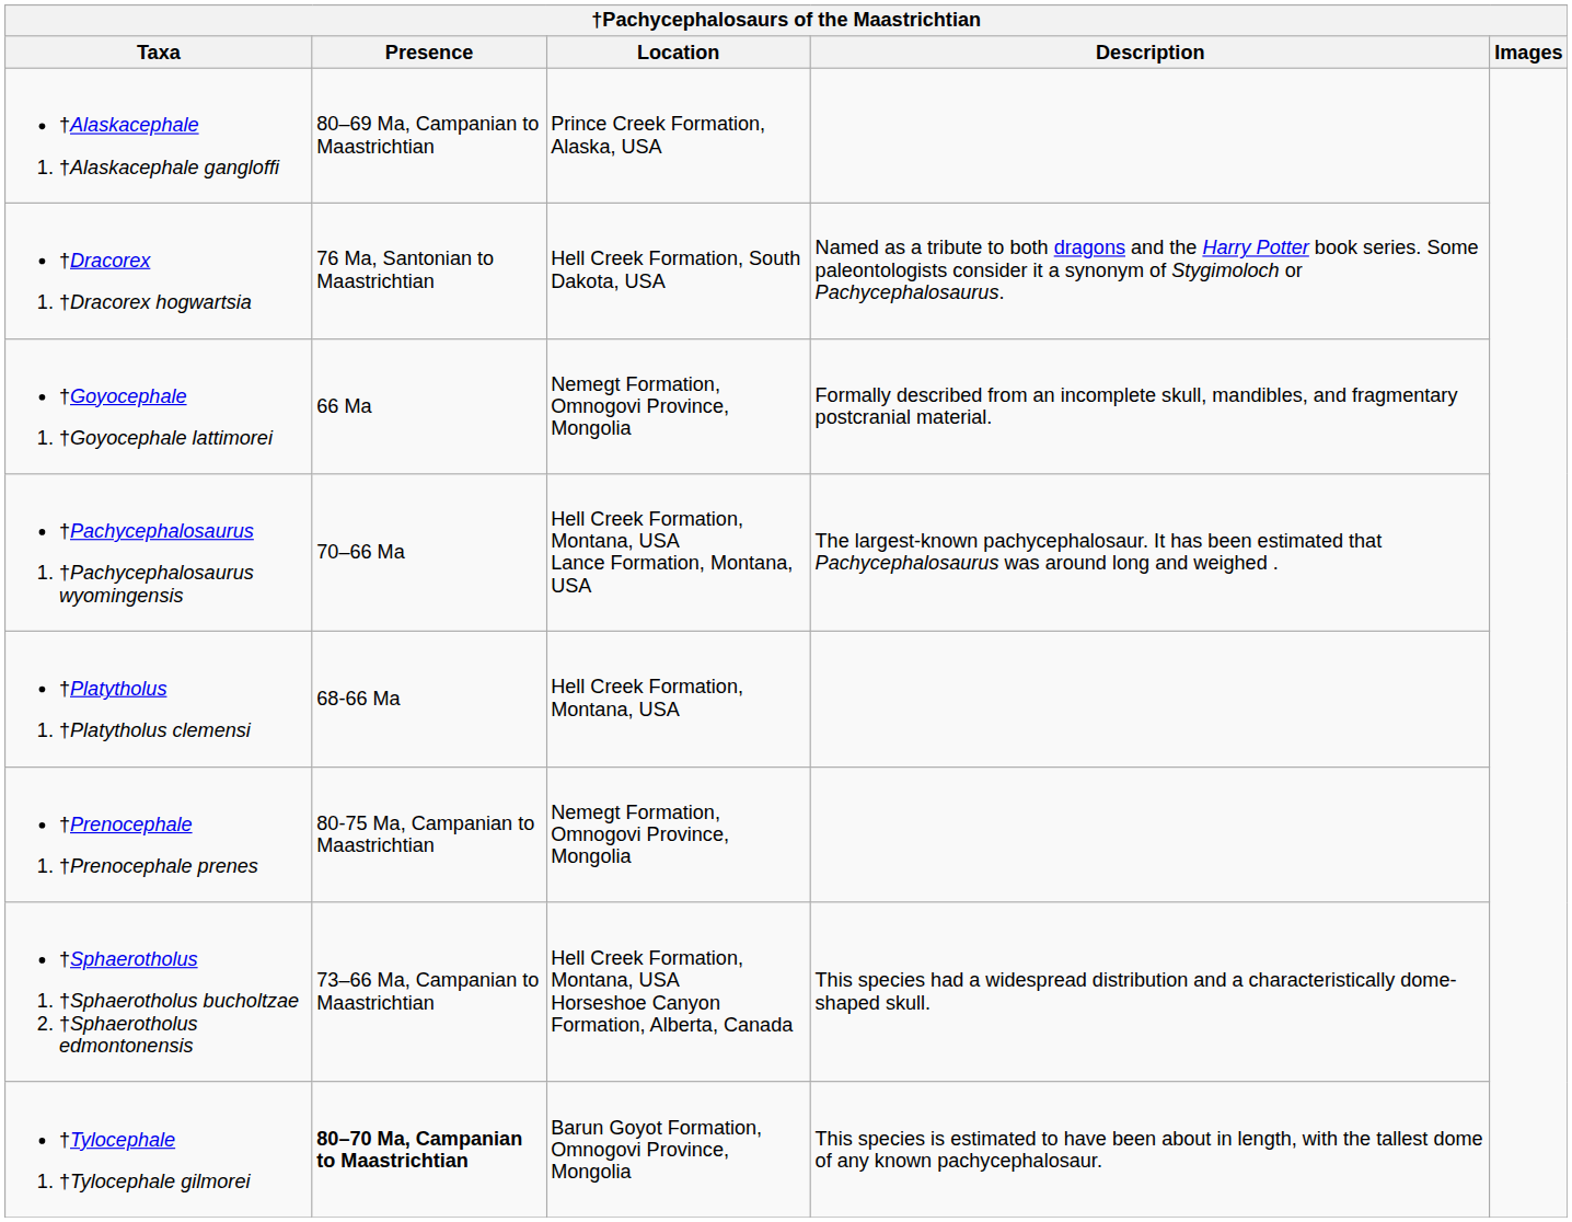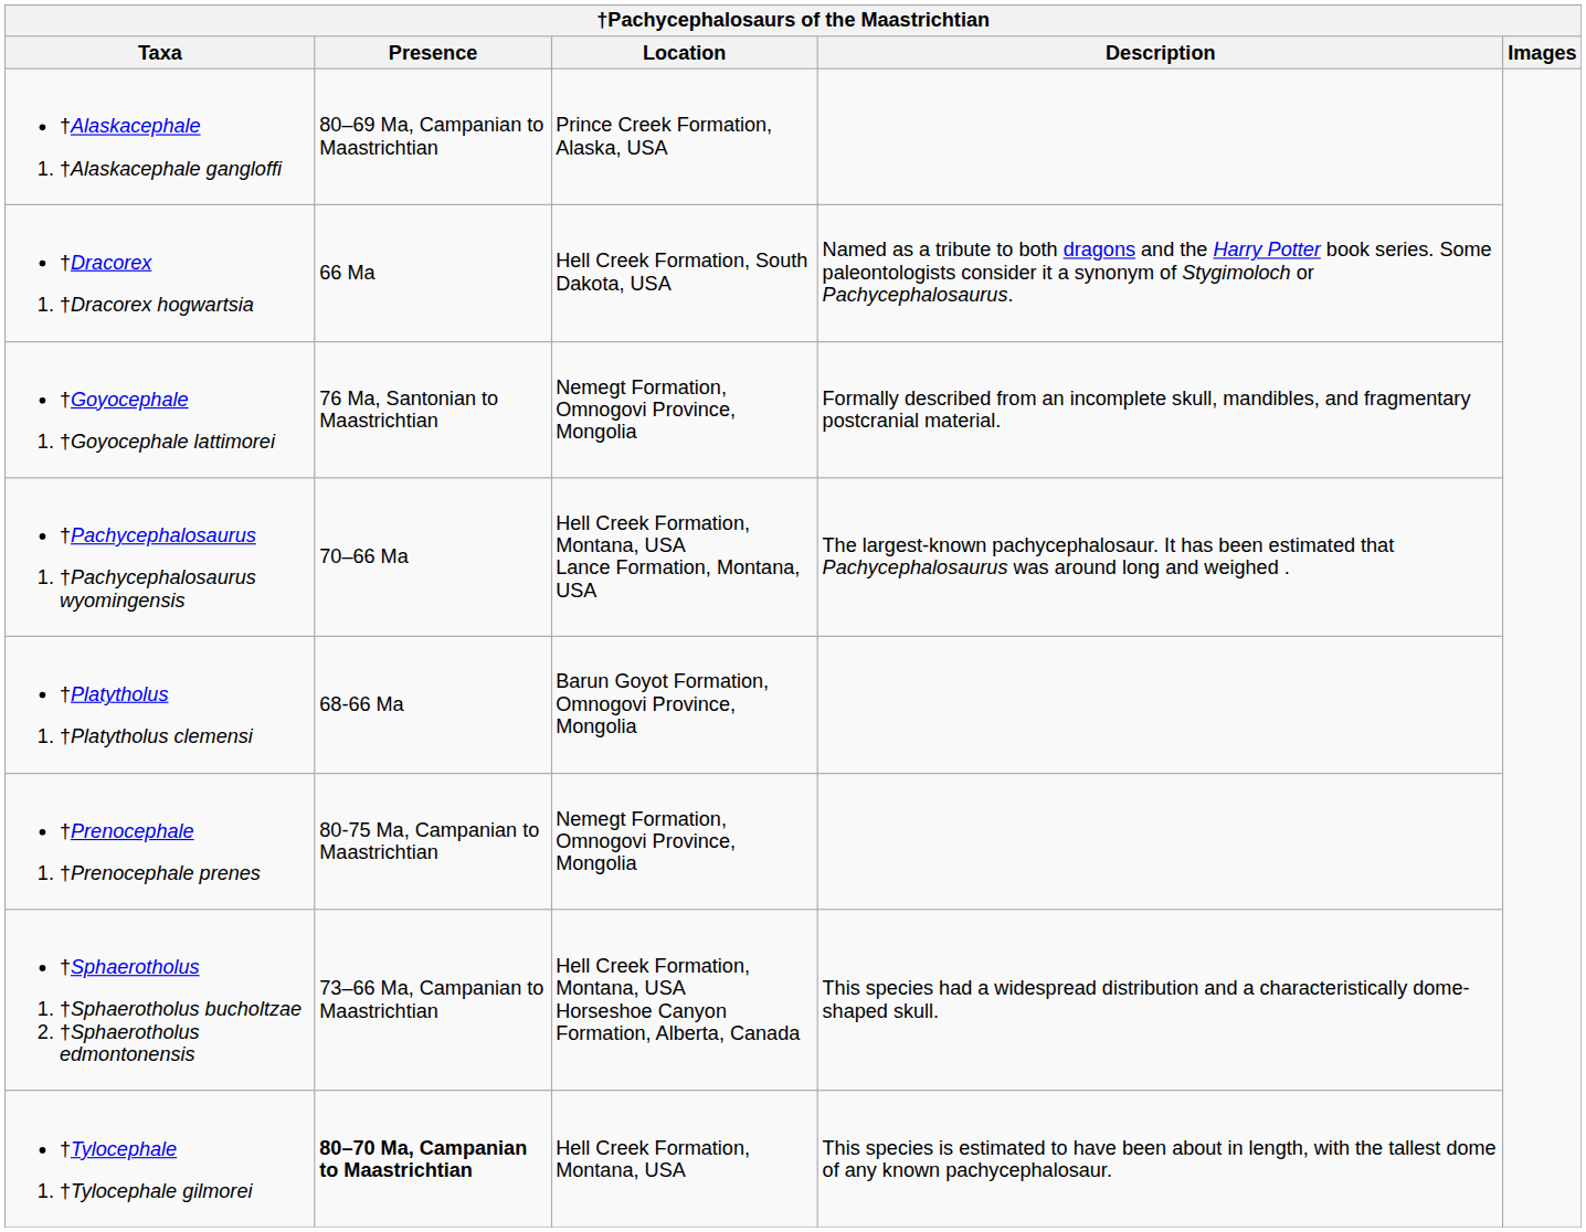 <table class="wikitable" align="center" width="100%">
 <tr>
 <th colspan="5" align="center">†Pachycephalosaurs of the Maastrichtian</th>
 </tr>
 <tr>
 <th>Taxa</th>
 <th>Presence</th>
 <th>Location</th>
 <th>Description</th>
 <th>Images</th>
 </tr>
 <tr>
 <td><br><ul><li>†<em><a href='#'>Alaskacephale</a></em></li></ul><ol><li>†<em>Alaskacephale gangloffi</em></li></ol></td>
 <td>80–69 Ma, Campanian to Maastrichtian</td>
 <td>Prince Creek Formation, Alaska, USA</td>
 <td></td>
 <td rowspan="99"><br>    </td>
 </tr>
 <tr>
 <td><br><ul><li>†<em><a href='#'>Dracorex</a></em></li></ul><ol><li>†<em>Dracorex hogwartsia</em></li></ol></td>
-<td>76 Ma, Santonian to Maastrichtian</td>
+<td>66 Ma</td>
 <td>Hell Creek Formation, South Dakota, USA</td>
 <td>Named as a tribute to both <a href='#'>dragons</a> and the <em><a href='#'>Harry Potter</a></em> book series. Some paleontologists consider it a synonym of <em>Stygimoloch</em> or <em>Pachycephalosaurus</em>.</td>
 </tr>
 <tr>
 <td><br><ul><li>†<em><a href='#'>Goyocephale</a></em></li></ul><ol><li>†<em>Goyocephale lattimorei</em></li></ol></td>
-<td>66 Ma</td>
+<td>76 Ma, Santonian to Maastrichtian</td>
 <td>Nemegt Formation, Omnogovi Province, Mongolia</td>
 <td>Formally described from an incomplete skull, mandibles, and fragmentary postcranial material.</td>
 </tr>
 <tr>
 <td><br><ul><li>†<em><a href='#'>Pachycephalosaurus</a></em></li></ul><ol><li>†<em>Pachycephalosaurus wyomingensis</em></li></ol></td>
 <td>70–66 Ma</td>
 <td>Hell Creek Formation, Montana, USA<br>Lance Formation, Montana, USA</td>
 <td>The largest-known pachycephalosaur. It has been estimated that <em>Pachycephalosaurus</em> was around  long and weighed .</td>
 </tr>
 <tr>
 <td><br><ul><li>†<em><a href='#'>Platytholus</a></em></li></ul><ol><li>†<em>Platytholus clemensi</em></li></ol></td>
 <td>68-66 Ma</td>
-<td>Hell Creek Formation, Montana, USA</td>
+<td>Barun Goyot Formation, Omnogovi Province, Mongolia</td>
 <td></td>
 </tr>
 <tr>
 <td><br><ul><li>†<em><a href='#'>Prenocephale</a></em></li></ul><ol><li>†<em>Prenocephale prenes</em></li></ol></td>
 <td>80-75 Ma, Campanian to Maastrichtian</td>
 <td>Nemegt Formation, Omnogovi Province, Mongolia</td>
 <td></td>
 </tr>
 <tr>
 <td><br><ul><li>†<em><a href='#'>Sphaerotholus</a></em></li></ul><ol><li>†<em>Sphaerotholus bucholtzae</em></li><li>†<em>Sphaerotholus edmontonensis</em></li></ol></td>
 <td>73–66 Ma, Campanian to Maastrichtian</td>
 <td>Hell Creek Formation, Montana, USA<br>Horseshoe Canyon Formation, Alberta, Canada</td>
 <td>This species had a widespread distribution and a characteristically dome-shaped skull.</td>
 </tr>
 <tr>
 <td><br><ul><li>†<em><a href='#'>Tylocephale</a></em></li></ul><ol><li>†<em>Tylocephale gilmorei</em></li></ol></td>
 <td><strong>80–70 Ma, Campanian to Maastrichtian</strong></td>
-<td>Barun Goyot Formation, Omnogovi Province, Mongolia</td>
+<td>Hell Creek Formation, Montana, USA</td>
 <td>This species is estimated to have been about  in length, with the tallest dome of any known pachycephalosaur.</td>
 </tr>
 </table>
